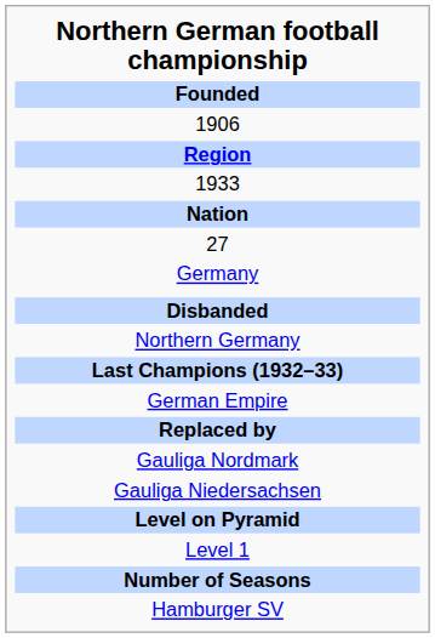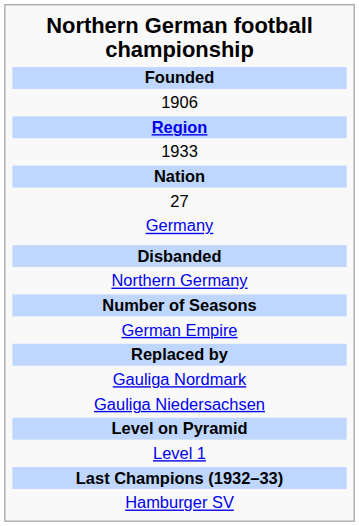 <table class="infobox football" style="width: 16em; text-align: center;">
 <tr>
 <th style="font-size: 16px;">Northern German football championship</th>
 </tr>
 <tr>
 <td style="font-size: 12px; background: #BFD7FF;"><strong>Founded</strong></td>
 </tr>
 <tr>
 <td style="font-size: 12px;">1906</td>
 </tr>
 <tr>
 <td style="font-size: 12px; background: #BFD7FF;"><strong><a href='#'>Region</a></strong></td>
 </tr>
 <tr>
 <td style="font-size: 12px;">1933</td>
 </tr>
 <tr>
 <td style="font-size: 12px; background: #BFD7FF;"><strong>Nation</strong></td>
 </tr>
 <tr>
 <td style="font-size: 12px;">27</td>
 </tr>
 <tr>
 <td style="font-size: 12px;"> <a href='#'>Germany</a></td>
 </tr>
 <tr>
 <td style="font-size: 11px; line-height: 15px;"></td>
 </tr>
 <tr>
 <td style="font-size: 12px; background: #BFD7FF;"><strong>Disbanded</strong></td>
 </tr>
 <tr>
 <td style="font-size: 12px;"><a href='#'>Northern Germany</a></td>
 </tr>
 <tr>
-<td style="font-size: 12px; background: #BFD7FF;"><strong>Last Champions (1932–33)</strong></td>
+<td style="font-size: 12px; background: #BFD7FF;"><strong>Number of Seasons</strong></td>
 </tr>
 <tr>
 <td style="font-size: 12px;"> <a href='#'>German Empire</a></td>
 </tr>
 <tr>
 <td style="font-size: 12px; background: #BFD7FF;"><strong>Replaced by</strong></td>
 </tr>
 <tr>
 <td style="font-size: 12px;"><a href='#'>Gauliga Nordmark</a></td>
 </tr>
 <tr>
 <td style="font-size: 12px;"><a href='#'>Gauliga Niedersachsen</a></td>
 </tr>
 <tr>
 <td style="font-size: 12px; background: #BFD7FF;"><strong>Level on Pyramid</strong></td>
 </tr>
 <tr>
 <td style="font-size: 12px;"><a href='#'>Level 1</a></td>
 </tr>
 <tr>
-<td style="font-size: 12px; background: #BFD7FF;"><strong>Number of Seasons</strong></td>
+<td style="font-size: 12px; background: #BFD7FF;"><strong>Last Champions (1932–33)</strong></td>
 </tr>
 <tr>
 <td style="font-size: 12px;"><a href='#'>Hamburger SV</a></td>
 </tr>
 </table>
